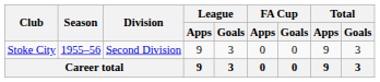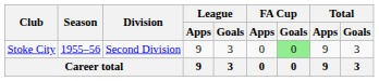 <table class="wikitable" style="text-align: center;">
 <tr>
 <th rowspan="2">Club</th>
 <th rowspan="2">Season</th>
 <th rowspan="2">Division</th>
 <th colspan="2">League</th>
 <th colspan="2">FA Cup</th>
 <th colspan="2">Total</th>
 </tr>
 <tr>
 <th>Apps</th>
 <th>Goals</th>
 <th>Apps</th>
 <th>Goals</th>
 <th>Apps</th>
 <th>Goals</th>
 </tr>
 <tr>
 <td><a href='#'>Stoke City</a></td>
 <td><a href='#'>1955–56</a></td>
 <td><a href='#'>Second Division</a></td>
 <td>9</td>
 <td>3</td>
 <td>0</td>
-<td>0</td>
+<td style="background: lightgreen;">0</td>
 <td>9</td>
 <td>3</td>
 </tr>
 <tr>
 <th colspan="3">Career total</th>
 <th>9</th>
 <th>3</th>
 <th>0</th>
 <th>0</th>
 <th>9</th>
 <th>3</th>
 </tr>
 </table>
